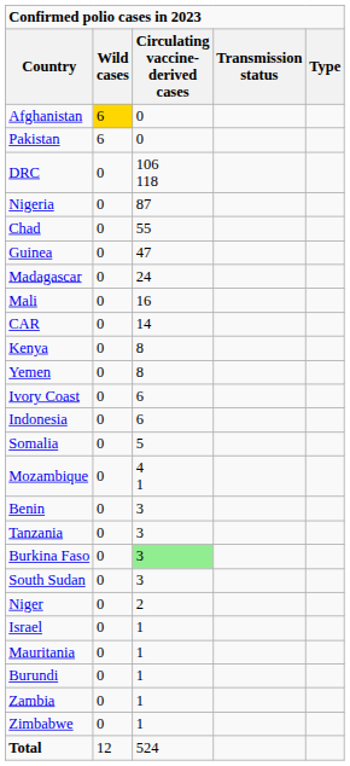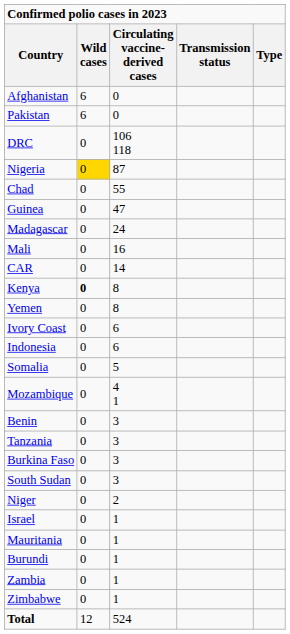 <table class="wikitable sortable mw-collapsible mw-collapsed" font-size:85%; margin-left:15px">
 <tr>
 <td colspan="5"><div><strong>Confirmed polio cases in 2023</strong><br> </div></td>
 </tr>
 <tr>
 <th>Country</th>
 <th>Wild<br>cases</th>
 <th>Circulating<br>vaccine-<br>derived<br>cases</th>
 <th>Transmission<br>status</th>
 <th>Type</th>
 </tr>
 <tr>
 <td><a href='#'>Afghanistan</a></td>
-<td style="background: gold;">6</td>
+<td>6</td>
 <td>0</td>
 <td></td>
 <td></td>
 </tr>
 <tr>
 <td><a href='#'>Pakistan</a></td>
 <td>6</td>
 <td>0</td>
 <td></td>
 <td></td>
 </tr>
 <tr>
 <td><a href='#'>DRC</a></td>
 <td>0</td>
 <td>106<br>118</td>
 <td></td>
 <td><br></td>
 </tr>
 <tr>
 <td><a href='#'>Nigeria</a></td>
-<td>0</td>
+<td style="background: gold;">0</td>
 <td>87</td>
 <td></td>
 <td></td>
 </tr>
 <tr>
 <td><a href='#'>Chad</a></td>
 <td>0</td>
 <td>55</td>
 <td></td>
 <td></td>
 </tr>
 <tr>
 <td><a href='#'>Guinea</a></td>
 <td>0</td>
 <td>47</td>
 <td></td>
 <td></td>
 </tr>
 <tr>
 <td><a href='#'>Madagascar</a></td>
 <td>0</td>
 <td>24</td>
 <td></td>
 <td></td>
 </tr>
 <tr>
 <td><a href='#'>Mali</a></td>
 <td>0</td>
 <td>16</td>
 <td></td>
 <td></td>
 </tr>
 <tr>
 <td><a href='#'>CAR</a></td>
 <td>0</td>
 <td>14</td>
 <td></td>
 <td></td>
 </tr>
 <tr>
 <td><a href='#'>Kenya</a></td>
-<td>0</td>
+<td><strong>0</strong></td>
 <td>8</td>
 <td></td>
 <td></td>
 </tr>
 <tr>
 <td><a href='#'>Yemen</a></td>
 <td>0</td>
 <td>8</td>
 <td></td>
 <td></td>
 </tr>
 <tr>
 <td><a href='#'>Ivory Coast</a></td>
 <td>0</td>
 <td>6</td>
 <td></td>
 <td></td>
 </tr>
 <tr>
 <td><a href='#'>Indonesia</a></td>
 <td>0</td>
 <td>6</td>
 <td></td>
 <td></td>
 </tr>
 <tr>
 <td><a href='#'>Somalia</a></td>
 <td>0</td>
 <td>5</td>
 <td></td>
 <td></td>
 </tr>
 <tr>
 <td><a href='#'>Mozambique</a></td>
 <td>0</td>
 <td>4<br>1</td>
 <td></td>
 <td><br></td>
 </tr>
 <tr>
 <td><a href='#'>Benin</a></td>
 <td>0</td>
 <td>3</td>
 <td></td>
 <td></td>
 </tr>
 <tr>
 <td><a href='#'>Tanzania</a></td>
 <td>0</td>
 <td>3</td>
 <td></td>
 <td></td>
 </tr>
 <tr>
 <td><a href='#'>Burkina Faso</a></td>
 <td>0</td>
-<td style="background: lightgreen;">3</td>
+<td>3</td>
 <td></td>
 <td></td>
 </tr>
 <tr>
 <td><a href='#'>South Sudan</a></td>
 <td>0</td>
 <td>3</td>
 <td></td>
 <td></td>
 </tr>
 <tr>
 <td><a href='#'>Niger</a></td>
 <td>0</td>
 <td>2</td>
 <td></td>
 <td></td>
 </tr>
 <tr>
 <td><a href='#'>Israel</a></td>
 <td>0</td>
 <td>1</td>
 <td></td>
 <td></td>
 </tr>
 <tr>
 <td><a href='#'>Mauritania</a></td>
 <td>0</td>
 <td>1</td>
 <td></td>
 <td></td>
 </tr>
 <tr>
 <td><a href='#'>Burundi</a></td>
 <td>0</td>
 <td>1</td>
 <td></td>
 <td></td>
 </tr>
 <tr>
 <td><a href='#'>Zambia</a></td>
 <td>0</td>
 <td>1</td>
 <td></td>
 <td></td>
 </tr>
 <tr>
 <td><a href='#'>Zimbabwe</a></td>
 <td>0</td>
 <td>1</td>
 <td></td>
 <td></td>
 </tr>
 <tr>
 <td><strong>Total</strong></td>
 <td>12</td>
 <td>524</td>
 <td></td>
 <td></td>
 </tr>
 </table>
